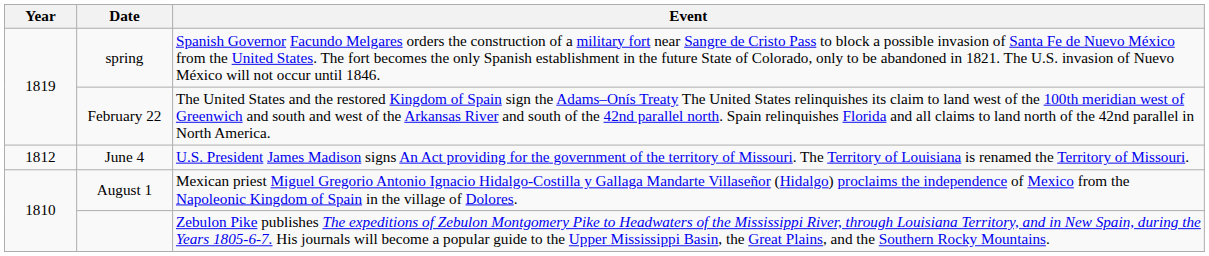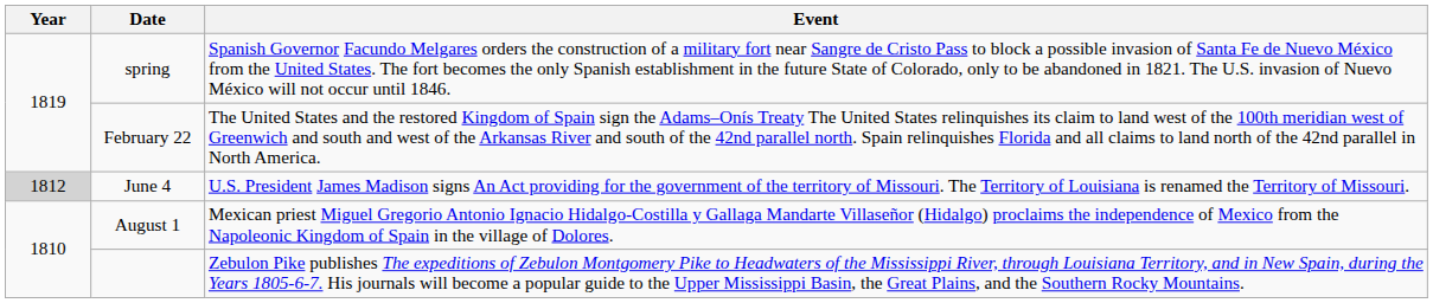 <table class="wikitable" style="width:100%;">
 <tr>
 <th style="width:6%">Year</th>
 <th style="width:8%">Date</th>
 <th style="width:86%">Event</th>
 </tr>
 <tr>
 <td align=center rowspan=2>1819</td>
 <td align=center>spring</td>
 <td><a href='#'>Spanish Governor</a> <a href='#'>Facundo Melgares</a> orders the construction of a <a href='#'>military fort</a> near <a href='#'>Sangre de Cristo Pass</a> to block a possible invasion of <a href='#'>Santa Fe de Nuevo México</a> from the <a href='#'>United States</a>. The fort becomes the only Spanish establishment in the future State of Colorado, only to be abandoned in 1821. The U.S. invasion of Nuevo México will not occur until 1846.</td>
 </tr>
 <tr>
 <td align=center>February 22</td>
 <td>The United States and the restored <a href='#'>Kingdom of Spain</a> sign the <a href='#'>Adams–Onís Treaty</a> The United States relinquishes its claim to land west of the <a href='#'>100th meridian west of Greenwich</a> and south and west of the <a href='#'>Arkansas River</a> and south of the <a href='#'>42nd parallel north</a>. Spain relinquishes <a href='#'>Florida</a> and all claims to land north of the 42nd parallel in North America.</td>
 </tr>
 <tr>
-<td align=center rowspan=1>1812</td>
+<td align=center rowspan=1 style="background: lightgrey;">1812</td>
 <td align=center>June 4</td>
 <td><a href='#'>U.S. President</a> <a href='#'>James Madison</a> signs <a href='#'>An Act providing for the government of the territory of Missouri</a>. The <a href='#'>Territory of Louisiana</a> is renamed the <a href='#'>Territory of Missouri</a>.</td>
 </tr>
 <tr>
 <td align=center rowspan=2>1810</td>
 <td align=center>August 1</td>
 <td>Mexican priest <a href='#'>Miguel Gregorio Antonio Ignacio Hidalgo-Costilla y Gallaga Mandarte Villaseñor</a> (<a href='#'>Hidalgo</a>) <a href='#'>proclaims the independence</a> of <a href='#'>Mexico</a> from the <a href='#'>Napoleonic Kingdom of Spain</a> in the village of <a href='#'>Dolores</a>.</td>
 </tr>
 <tr>
 <td align=center></td>
 <td><a href='#'>Zebulon Pike</a> publishes <em><a href='#'>The expeditions of Zebulon Montgomery Pike to Headwaters of the Mississippi River, through Louisiana Territory, and in New Spain, during the Years 1805-6-7.</a></em>  His journals will become a popular guide to the <a href='#'>Upper Mississippi Basin</a>, the <a href='#'>Great Plains</a>, and the <a href='#'>Southern Rocky Mountains</a>.</td>
 </tr>
 </table>
